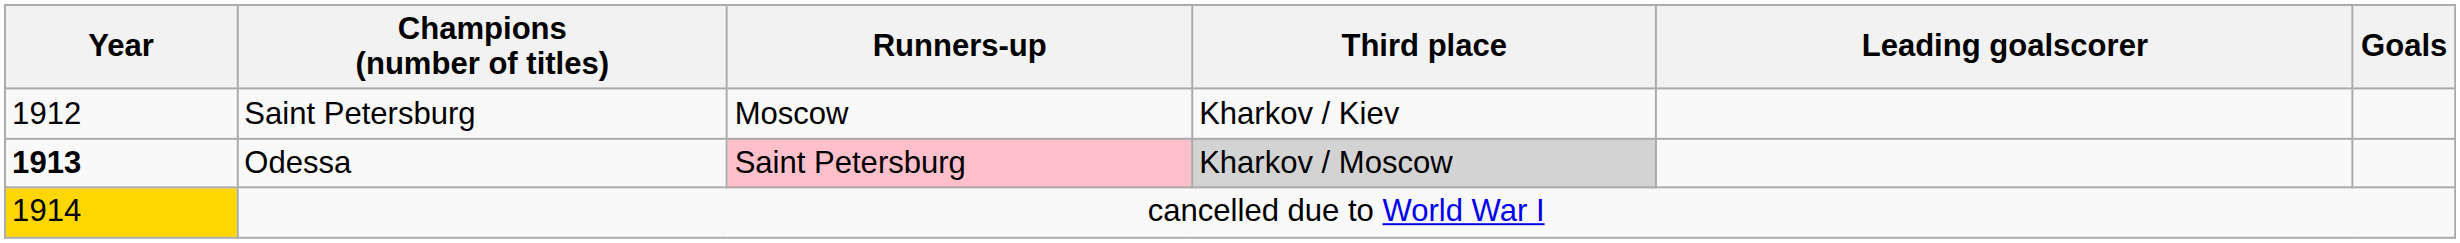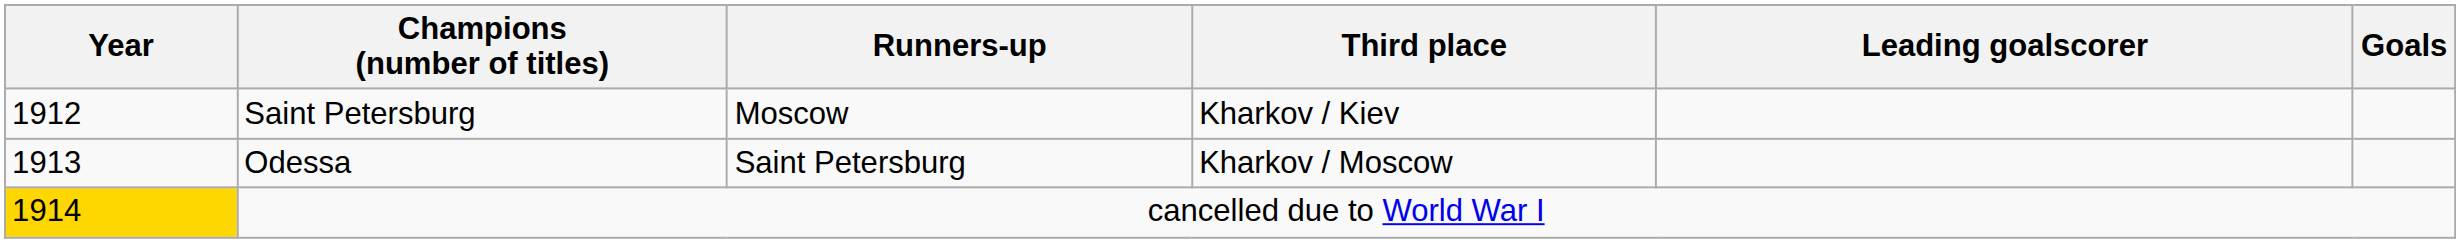 <table class="wikitable" style="width:100%;">
 <tr>
 <th width=9%>Year</th>
 <th width=19%>Champions<br>(number of titles)</th>
 <th width=18%>Runners-up</th>
 <th width=18%>Third place</th>
 <th width=27%>Leading goalscorer</th>
 <th width=1%>Goals</th>
 </tr>
 <tr>
 <td>1912</td>
 <td>Saint Petersburg</td>
 <td>Moscow</td>
 <td>Kharkov / Kiev</td>
 <td></td>
 <td></td>
 </tr>
 <tr>
-<td><strong>1913</strong></td>
+<td>1913</td>
 <td>Odessa</td>
-<td style="background: pink;">Saint Petersburg</td>
-<td style="background: lightgrey;">Kharkov / Moscow</td>
+<td>Saint Petersburg</td>
+<td>Kharkov / Moscow</td>
 <td></td>
 <td></td>
 </tr>
 <tr>
 <td style="background: gold;">1914</td>
 <td colspan=5 align=center>cancelled due to <a href='#'>World War I</a></td>
 </tr>
 </table>
